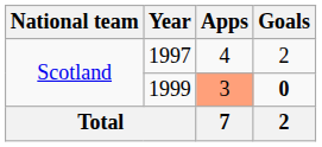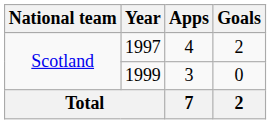 <table class=wikitable style="text-align:center">
 <tr>
 <th>National team</th>
 <th>Year</th>
 <th>Apps</th>
 <th>Goals</th>
 </tr>
 <tr>
 <td rowspan="2"><a href='#'>Scotland</a></td>
 <td>1997</td>
 <td>4</td>
 <td>2</td>
 </tr>
 <tr>
 <td>1999</td>
-<td style="background: lightsalmon;">3</td>
-<td><strong>0</strong></td>
+<td>3</td>
+<td>0</td>
 </tr>
 <tr>
 <th colspan="2">Total</th>
 <th>7</th>
 <th>2</th>
 </tr>
 </table>
